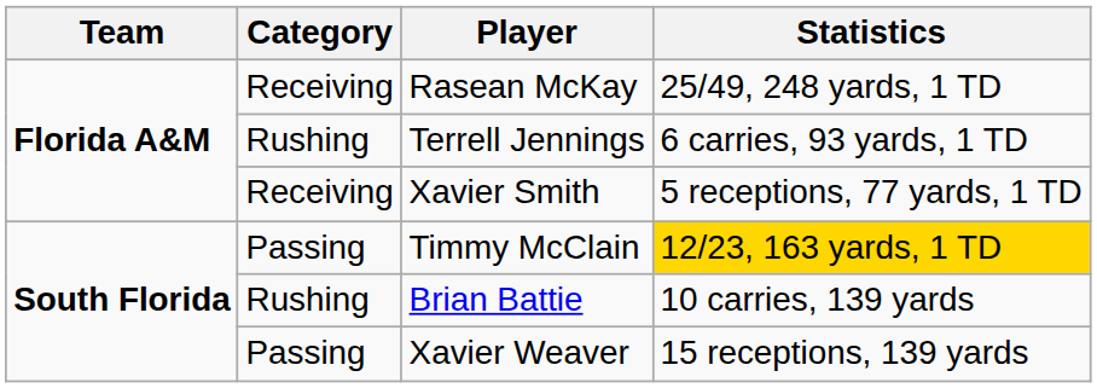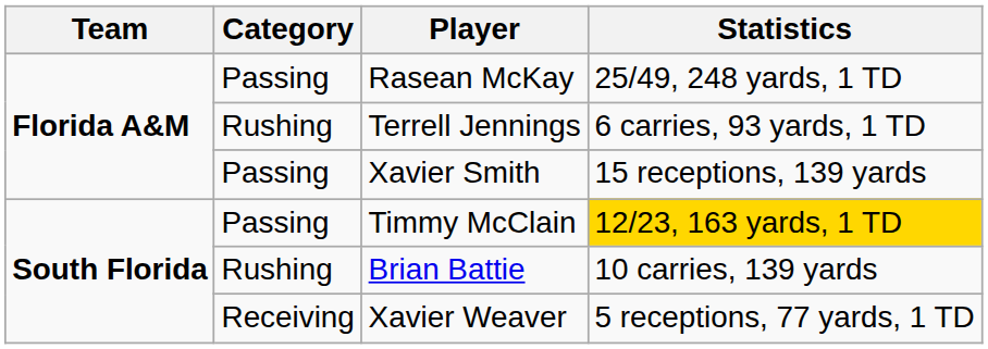 <table class="wikitable" style="float: left;">
 <tr>
 <th>Team</th>
 <th>Category</th>
 <th>Player</th>
 <th>Statistics</th>
 </tr>
 <tr>
 <td rowspan=3><strong>Florida A&M</strong></td>
-<td>Receiving</td>
+<td>Passing</td>
 <td>Rasean McKay</td>
 <td>25/49, 248 yards, 1 TD</td>
 </tr>
 <tr>
 <td>Rushing</td>
 <td>Terrell Jennings</td>
 <td>6 carries, 93 yards, 1 TD</td>
 </tr>
 <tr>
-<td>Receiving</td>
+<td>Passing</td>
 <td>Xavier Smith</td>
-<td>5 receptions, 77 yards, 1 TD</td>
+<td>15 receptions, 139 yards</td>
 </tr>
 <tr>
 <td rowspan=3><strong>South Florida</strong></td>
 <td>Passing</td>
 <td>Timmy McClain</td>
 <td style="background: gold;">12/23, 163 yards, 1 TD</td>
 </tr>
 <tr>
 <td>Rushing</td>
 <td><a href='#'>Brian Battie</a></td>
 <td>10 carries, 139 yards</td>
 </tr>
 <tr>
-<td>Passing</td>
+<td>Receiving</td>
 <td>Xavier Weaver</td>
-<td>15 receptions, 139 yards</td>
+<td>5 receptions, 77 yards, 1 TD</td>
 </tr>
 </table>
